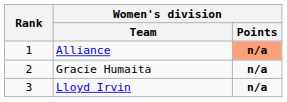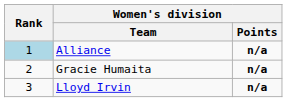 <table class="wikitable" style="text-align:center;">
 <tr>
 <th rowspan="2" width="50">Rank</th>
 <th colspan="2">Women's division</th>
 </tr>
 <tr>
 <th width="200">Team</th>
 <th width="50">Points</th>
 </tr>
 <tr>
-<td>1</td>
+<td style="background: lightblue;">1</td>
 <td style=text-align:left><a href='#'>Alliance</a></td>
-<td style="background: lightsalmon;"><strong>n/a</strong></td>
+<td><strong>n/a</strong></td>
 </tr>
 <tr>
 <td>2</td>
 <td style=text-align:left>Gracie Humaita</td>
 <td><strong>n/a</strong></td>
 </tr>
 <tr>
 <td>3</td>
 <td style=text-align:left><a href='#'>Lloyd Irvin</a></td>
 <td><strong>n/a</strong></td>
 </tr>
 </table>
